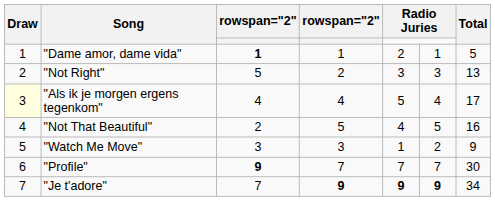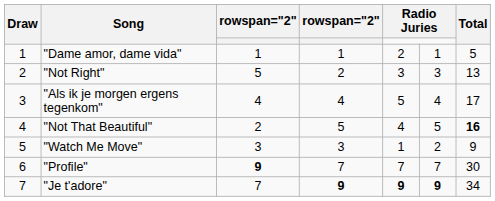 <table class="wikitable collapsible" style="margin: 1em auto 1em auto; text-align:center;">
 <tr>
 <th rowspan="2">Draw</th>
 <th rowspan="2">Song</th>
 <th>rowspan="2" </th>
 <th>rowspan="2" </th>
 <th colspan="2">Radio Juries</th>
 <th rowspan="2">Total</th>
 </tr>
 <tr>
 <th></th>
 <th></th>
 </tr>
 <tr>
 <td>1</td>
 <td align="left">"Dame amor, dame vida"</td>
-<td><strong>1</strong></td>
+<td>1</td>
 <td>1</td>
 <td>2</td>
 <td>1</td>
 <td>5</td>
 </tr>
 <tr>
 <td>2</td>
 <td align="left">"Not Right"</td>
 <td>5</td>
 <td>2</td>
 <td>3</td>
 <td>3</td>
 <td>13</td>
 </tr>
 <tr>
-<td style="background: lightyellow;">3</td>
+<td>3</td>
 <td align="left">"Als ik je morgen ergens tegenkom"</td>
 <td>4</td>
 <td>4</td>
 <td>5</td>
 <td>4</td>
 <td>17</td>
 </tr>
 <tr>
 <td>4</td>
 <td align="left">"Not That Beautiful"</td>
 <td>2</td>
 <td>5</td>
 <td>4</td>
 <td>5</td>
-<td>16</td>
+<td><strong>16</strong></td>
 </tr>
 <tr>
 <td>5</td>
 <td align="left">"Watch Me Move"</td>
 <td>3</td>
 <td>3</td>
 <td>1</td>
 <td>2</td>
 <td>9</td>
 </tr>
 <tr>
 <td>6</td>
 <td align="left">"Profile"</td>
 <td><strong>9</strong></td>
 <td>7</td>
 <td>7</td>
 <td>7</td>
 <td>30</td>
 </tr>
 <tr>
 <td>7</td>
 <td align="left">"Je t'adore"</td>
 <td>7</td>
 <td><strong>9</strong></td>
 <td><strong>9</strong></td>
 <td><strong>9</strong></td>
 <td>34</td>
 </tr>
 </table>
